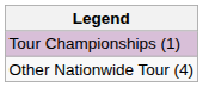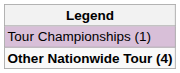 <table class="wikitable" style="font-size:95%;">
 <tr>
 <th>Legend</th>
 </tr>
 <tr style="background:thistle;">
 <td>Tour Championships (1)</td>
 </tr>
 <tr>
-<td>Other Nationwide Tour (4)</td>
+<td><strong>Other Nationwide Tour (4)</strong></td>
 </tr>
 </table>
